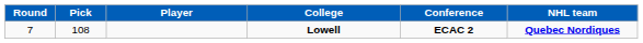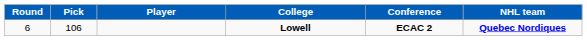 <table class="wikitable sortable" width="75%">
 <tr>
 <th style="color:white; background-color:#005EB8; width: 4em;">Round</th>
 <th style="color:white; background-color:#005EB8; width: 4em;">Pick</th>
 <th style="color:white; background-color:#005EB8; width: 12em;">Player</th>
 <th style="color:white; background-color:#005EB8; width: 13em;">College</th>
 <th style="color:white; background-color:#005EB8; width: 9em;">Conference</th>
 <th style="color:white; background-color:#005EB8; width: 11em;">NHL team</th>
 </tr>
 <tr align="center" bgcolor="">
-<td>7</td>
-<td>108</td>
+<td>6</td>
+<td>106</td>
 <td></td>
 <td><strong>Lowell</strong></td>
 <td><strong>ECAC 2</strong></td>
 <td><strong><a href='#'>Quebec Nordiques </a></strong></td>
 </tr>
 </table>
